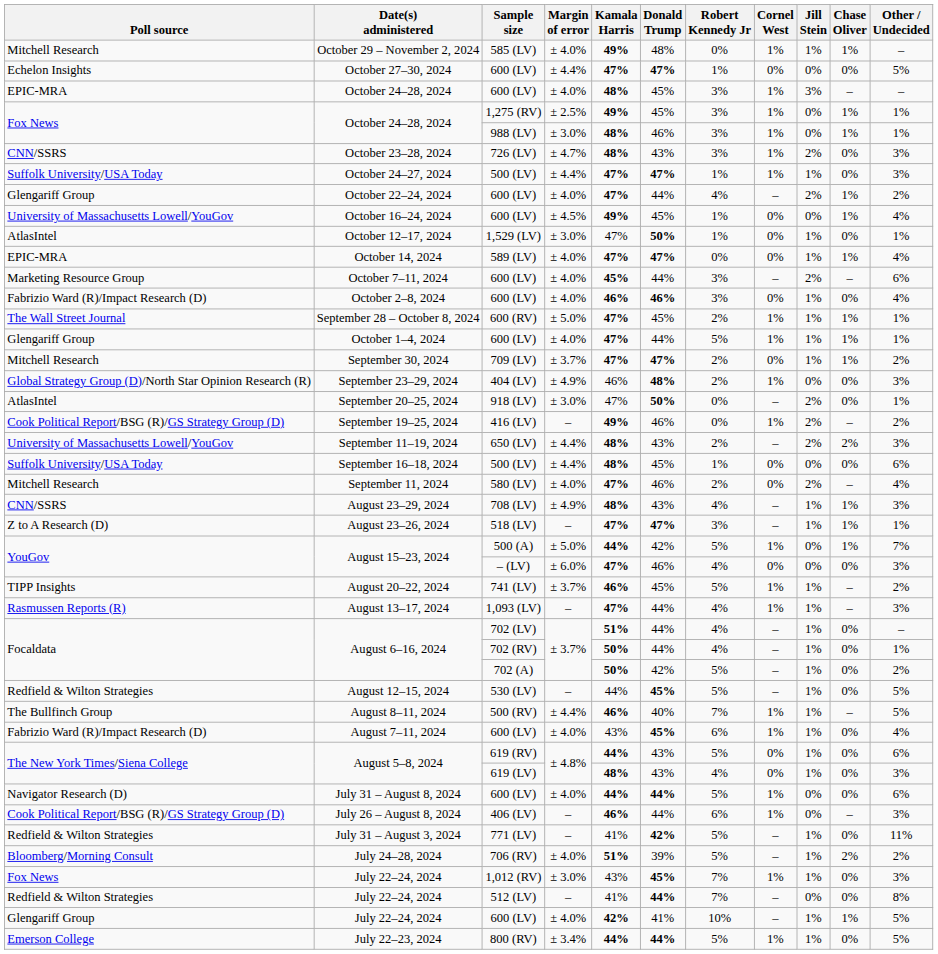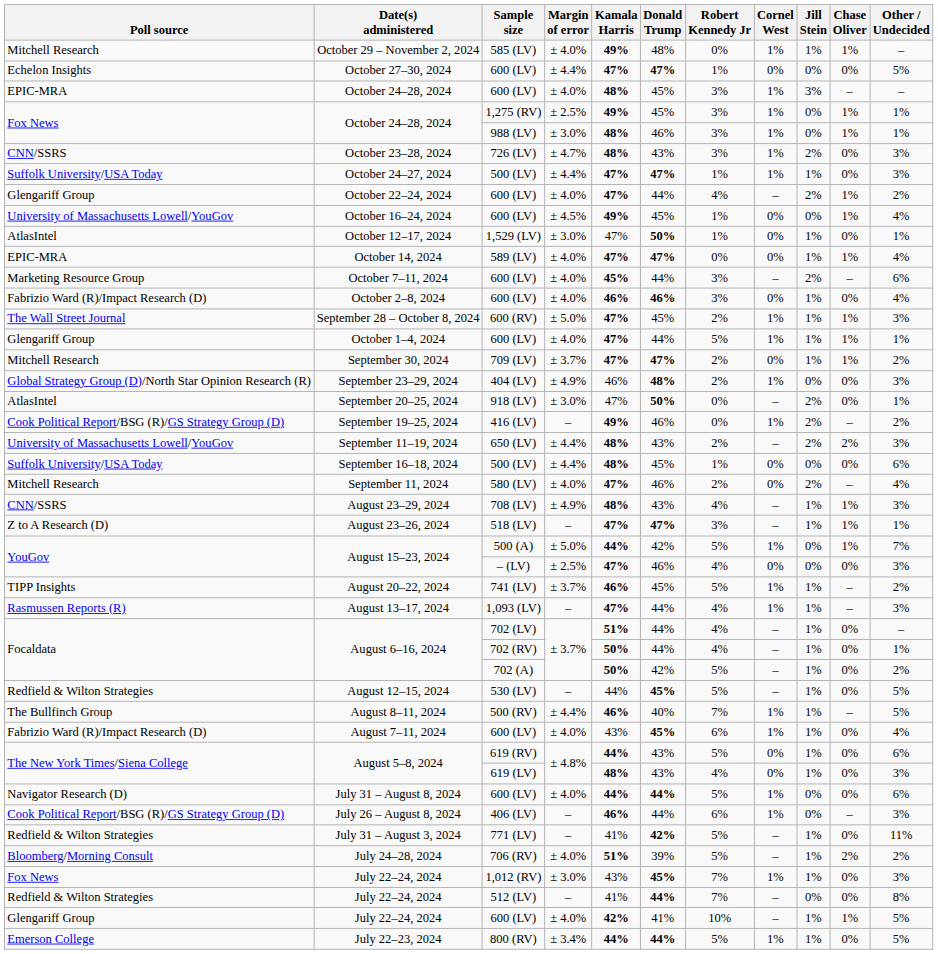 <table class="wikitable sortable mw-datatable" style="font-size:90%;text-align:center;line-height:17px">
 <tr style="vertical-align:bottom">
 <th>Poll source</th>
 <th>Date(s)<br>administered</th>
 <th>Sample<br>size</th>
 <th>Margin<br>of error</th>
 <th class="unsortable">Kamala<br>Harris<br></th>
 <th class="unsortable">Donald<br>Trump<br></th>
 <th class="unsortable">Robert<br>Kennedy Jr<br></th>
 <th class="unsortable">Cornel<br>West<br></th>
 <th class="unsortable">Jill<br>Stein<br></th>
 <th class="unsortable">Chase<br>Oliver<br></th>
 <th class="unsortable">Other /<br>Undecided</th>
 </tr>
 <tr>
 <td style="text-align:left;">Mitchell Research</td>
 <td data-sort-value="2024-11-02">October 29 – November 2, 2024</td>
 <td>585 (LV)</td>
 <td>± 4.0%</td>
 <td style="color:black;background-color:"><strong>49%</strong></td>
 <td>48%</td>
 <td>0%</td>
 <td>1%</td>
 <td>1%</td>
 <td>1%</td>
 <td>–</td>
 </tr>
 <tr>
 <td style="text-align:left;">Echelon Insights</td>
 <td data-sort-value="2024-10-30">October 27–30, 2024</td>
 <td>600 (LV)</td>
 <td>± 4.4%</td>
 <td><strong>47%</strong></td>
 <td><strong>47%</strong></td>
 <td>1%</td>
 <td>0%</td>
 <td>0%</td>
 <td>0%</td>
 <td>5%</td>
 </tr>
 <tr>
 <td style="text-align:left;">EPIC-MRA</td>
 <td data-sort-value="2024-10-28">October 24–28, 2024</td>
 <td>600 (LV)</td>
 <td>± 4.0%</td>
 <td style="color:black;background-color:"><strong>48%</strong></td>
 <td>45%</td>
 <td>3%</td>
 <td>1%</td>
 <td>3%</td>
 <td>–</td>
 <td>–</td>
 </tr>
 <tr>
 <td style="text-align:left;" rowspan="2"><a href='#'>Fox News</a></td>
 <td rowspan="2">October 24–28, 2024</td>
 <td>1,275 (RV)</td>
 <td>± 2.5%</td>
 <td style="color:black;background-color:"><strong>49%</strong></td>
 <td>45%</td>
 <td>3%</td>
 <td>1%</td>
 <td>0%</td>
 <td>1%</td>
 <td>1%</td>
 </tr>
 <tr>
 <td>988 (LV)</td>
 <td>± 3.0%</td>
 <td style="color:black;background-color:"><strong>48%</strong></td>
 <td>46%</td>
 <td>3%</td>
 <td>1%</td>
 <td>0%</td>
 <td>1%</td>
 <td>1%</td>
 </tr>
 <tr>
 <td style="text-align:left;"><a href='#'>CNN</a>/SSRS</td>
 <td data-sort-value="2024-10-28">October 23–28, 2024</td>
 <td>726 (LV)</td>
 <td>± 4.7%</td>
 <td style="color:black;background-color:"><strong>48%</strong></td>
 <td>43%</td>
 <td>3%</td>
 <td>1%</td>
 <td>2%</td>
 <td>0%</td>
 <td>3%</td>
 </tr>
 <tr>
 <td style="text-align:left;"><a href='#'>Suffolk University</a>/<a href='#'>USA Today</a></td>
 <td data-sort-value="2024-10-27">October 24–27, 2024</td>
 <td>500 (LV)</td>
 <td>± 4.4%</td>
 <td><strong>47%</strong></td>
 <td><strong>47%</strong></td>
 <td>1%</td>
 <td>1%</td>
 <td>1%</td>
 <td>0%</td>
 <td>3%</td>
 </tr>
 <tr>
 <td style="text-align:left;">Glengariff Group</td>
 <td data-sort-value="2024-10-24">October 22–24, 2024</td>
 <td>600 (LV)</td>
 <td>± 4.0%</td>
 <td style="color:black;background-color:"><strong>47%</strong></td>
 <td>44%</td>
 <td>4%</td>
 <td>–</td>
 <td>2%</td>
 <td>1%</td>
 <td>2%</td>
 </tr>
 <tr>
 <td style="text-align:left;"><a href='#'>University of Massachusetts Lowell</a>/<a href='#'>YouGov</a></td>
 <td data-sort-value="2024-10-24">October 16–24, 2024</td>
 <td>600 (LV)</td>
 <td>± 4.5%</td>
 <td style="color:black;background-color:"><strong>49%</strong></td>
 <td>45%</td>
 <td>1%</td>
 <td>0%</td>
 <td>0%</td>
 <td>1%</td>
 <td>4%</td>
 </tr>
 <tr>
 <td style="text-align:left;">AtlasIntel</td>
 <td data-sort-value="2024-10-17">October 12–17, 2024</td>
 <td>1,529 (LV)</td>
 <td>± 3.0%</td>
 <td>47%</td>
 <td style="background-color:"><strong>50%</strong></td>
 <td>1%</td>
 <td>0%</td>
 <td>1%</td>
 <td>0%</td>
 <td>1%</td>
 </tr>
 <tr>
 <td style="text-align:left;">EPIC-MRA</td>
 <td data-sort-value="2024-10-47">October 14, 2024</td>
 <td>589 (LV)</td>
 <td>± 4.0%</td>
 <td><strong>47%</strong></td>
 <td><strong>47%</strong></td>
 <td>0%</td>
 <td>0%</td>
 <td>1%</td>
 <td>1%</td>
 <td>4%</td>
 </tr>
 <tr>
 <td style="text-align:left;">Marketing Resource Group</td>
 <td data-sort-value="2024-10-11">October 7–11, 2024</td>
 <td>600 (LV)</td>
 <td>± 4.0%</td>
 <td style="color:black;background-color:"><strong>45%</strong></td>
 <td>44%</td>
 <td>3%</td>
 <td>–</td>
 <td>2%</td>
 <td>–</td>
 <td>6%</td>
 </tr>
 <tr>
 <td style="text-align:left;">Fabrizio Ward (R)/Impact Research (D)</td>
 <td data-sort-value="2024-10-08">October 2–8, 2024</td>
 <td>600 (LV)</td>
 <td>± 4.0%</td>
 <td><strong>46%</strong></td>
 <td><strong>46%</strong></td>
 <td>3%</td>
 <td>0%</td>
 <td>1%</td>
 <td>0%</td>
 <td>4%</td>
 </tr>
 <tr>
 <td style="text-align:left;"><a href='#'>The Wall Street Journal</a></td>
 <td data-sort-value="2024-10-08">September 28 – October 8, 2024</td>
 <td>600 (RV)</td>
 <td>± 5.0%</td>
 <td style="color:black;background-color:"><strong>47%</strong></td>
 <td>45%</td>
 <td>2%</td>
 <td>1%</td>
 <td>1%</td>
 <td>1%</td>
-<td>1%</td>
+<td>3%</td>
 </tr>
 <tr>
 <td style="text-align:left;">Glengariff Group</td>
 <td data-sort-value="2024-10-04">October 1–4, 2024</td>
 <td>600 (LV)</td>
 <td>± 4.0%</td>
 <td style="color:black;background-color:"><strong>47%</strong></td>
 <td>44%</td>
 <td>5%</td>
 <td>1%</td>
 <td>1%</td>
 <td>1%</td>
 <td>1%</td>
 </tr>
 <tr>
 <td style="text-align:left;">Mitchell Research</td>
 <td data-sort-value="2024-09-30">September 30, 2024</td>
 <td>709 (LV)</td>
 <td>± 3.7%</td>
 <td><strong>47%</strong></td>
 <td><strong>47%</strong></td>
 <td>2%</td>
 <td>0%</td>
 <td>1%</td>
 <td>1%</td>
 <td>2%</td>
 </tr>
 <tr>
 <td style="text-align:left;"><a href='#'>Global Strategy Group (D)</a>/North Star Opinion Research (R)</td>
 <td data-sort-value="2024-09-29">September 23–29, 2024</td>
 <td>404 (LV)</td>
 <td>± 4.9%</td>
 <td>46%</td>
 <td style="background-color:"><strong>48%</strong></td>
 <td>2%</td>
 <td>1%</td>
 <td>0%</td>
 <td>0%</td>
 <td>3%</td>
 </tr>
 <tr>
 <td style="text-align:left;">AtlasIntel</td>
 <td data-sort-value="2024-09-25">September 20–25, 2024</td>
 <td>918 (LV)</td>
 <td>± 3.0%</td>
 <td>47%</td>
 <td style="background-color:"><strong>50%</strong></td>
 <td>0%</td>
 <td>–</td>
 <td>2%</td>
 <td>0%</td>
 <td>1%</td>
 </tr>
 <tr>
 <td style="text-align:left;"><a href='#'>Cook Political Report</a>/BSG (R)/<a href='#'>GS Strategy Group (D)</a></td>
 <td data-sort-value="2024-09-25">September 19–25, 2024</td>
 <td>416 (LV)</td>
 <td>–</td>
 <td style="color:black;background-color:"><strong>49%</strong></td>
 <td>46%</td>
 <td>0%</td>
 <td>1%</td>
 <td>2%</td>
 <td>–</td>
 <td>2%</td>
 </tr>
 <tr>
 <td style="text-align:left;"><a href='#'>University of Massachusetts Lowell</a>/<a href='#'>YouGov</a></td>
 <td data-sort-value="2024-09-19">September 11–19, 2024</td>
 <td>650 (LV)</td>
 <td>± 4.4%</td>
 <td style="color:black;background-color:"><strong>48%</strong></td>
 <td>43%</td>
 <td>2%</td>
 <td>–</td>
 <td>2%</td>
 <td>2%</td>
 <td>3%</td>
 </tr>
 <tr>
 <td style="text-align:left;"><a href='#'>Suffolk University</a>/<a href='#'>USA Today</a></td>
 <td data-sort-value=2024-09-16>September 16–18, 2024</td>
 <td>500 (LV)</td>
 <td>± 4.4%</td>
 <td style="color:black;background-color:"><strong>48%</strong></td>
 <td>45%</td>
 <td>1%</td>
 <td>0%</td>
 <td>0%</td>
 <td>0%</td>
 <td>6%</td>
 </tr>
 <tr>
 <td style="text-align:left;">Mitchell Research</td>
 <td data-sort-value="2024-09-11">September 11, 2024</td>
 <td>580 (LV)</td>
 <td>± 4.0%</td>
 <td style="color:black;background-color:"><strong>47%</strong></td>
 <td>46%</td>
 <td>2%</td>
 <td>0%</td>
 <td>2%</td>
 <td>–</td>
 <td>4%</td>
 </tr>
 <tr>
 <td style="text-align:left;"><a href='#'>CNN</a>/SSRS</td>
 <td data-sort-value="2024-08-29">August 23–29, 2024</td>
 <td>708 (LV)</td>
 <td>± 4.9%</td>
 <td style="color:black;background-color:"><strong>48%</strong></td>
 <td>43%</td>
 <td>4%</td>
 <td>–</td>
 <td>1%</td>
 <td>1%</td>
 <td>3%</td>
 </tr>
 <tr>
 <td style="text-align:left;">Z to A Research (D)</td>
 <td data-sort-value="2024-08-19">August 23–26, 2024</td>
 <td>518 (LV)</td>
 <td>–</td>
 <td><strong>47%</strong></td>
 <td><strong>47%</strong></td>
 <td>3%</td>
 <td>–</td>
 <td>1%</td>
 <td>1%</td>
 <td>1%</td>
 </tr>
 <tr>
 <td style="text-align:left;" rowspan="2"><a href='#'>YouGov</a></td>
 <td rowspan="2">August 15–23, 2024</td>
 <td>500 (A)</td>
 <td>± 5.0%</td>
 <td style="color:black;background-color:"><strong>44%</strong></td>
 <td>42%</td>
 <td>5%</td>
 <td>1%</td>
 <td>0%</td>
 <td>1%</td>
 <td>7%</td>
 </tr>
 <tr>
 <td>– (LV)</td>
-<td>± 6.0%</td>
+<td>± 2.5%</td>
 <td style="color:black;background-color:"><strong>47%</strong></td>
 <td>46%</td>
 <td>4%</td>
 <td>0%</td>
 <td>0%</td>
 <td>0%</td>
 <td>3%</td>
 </tr>
 <tr>
 <td style="text-align:left;">TIPP Insights</td>
 <td data-sort-value="2024-08-22">August 20–22, 2024</td>
 <td>741 (LV)</td>
 <td>± 3.7%</td>
 <td style="color:black;background-color:"><strong>46%</strong></td>
 <td>45%</td>
 <td>5%</td>
 <td>1%</td>
 <td>1%</td>
 <td>–</td>
 <td>2%</td>
 </tr>
 <tr>
 <td style="text-align:left;"><a href='#'>Rasmussen Reports (R)</a></td>
 <td data-sort-value="2024-08-17">August 13–17, 2024</td>
 <td>1,093 (LV)</td>
 <td>–</td>
 <td style="color:black;background-color:"><strong>47%</strong></td>
 <td>44%</td>
 <td>4%</td>
 <td>1%</td>
 <td>1%</td>
 <td>–</td>
 <td>3%</td>
 </tr>
 <tr>
 <td style="text-align:left;" rowspan="3">Focaldata</td>
 <td rowspan="3">August 6–16, 2024</td>
 <td>702 (LV)</td>
 <td rowspan="3">± 3.7%</td>
 <td style="color:black;background-color:"><strong>51%</strong></td>
 <td>44%</td>
 <td>4%</td>
 <td>–</td>
 <td>1%</td>
 <td>0%</td>
 <td>–</td>
 </tr>
 <tr>
 <td>702 (RV)</td>
 <td style="color:black;background-color:"><strong>50%</strong></td>
 <td>44%</td>
 <td>4%</td>
 <td>–</td>
 <td>1%</td>
 <td>0%</td>
 <td>1%</td>
 </tr>
 <tr>
 <td>702 (A)</td>
 <td style="color:black;background-color:"><strong>50%</strong></td>
 <td>42%</td>
 <td>5%</td>
 <td>–</td>
 <td>1%</td>
 <td>0%</td>
 <td>2%</td>
 </tr>
 <tr>
 <td style="text-align:left;">Redfield & Wilton Strategies</td>
 <td data-sort-value="2024-08-15">August 12–15, 2024</td>
 <td>530 (LV)</td>
 <td>–</td>
 <td>44%</td>
 <td style="background-color:"><strong>45%</strong></td>
 <td>5%</td>
 <td>–</td>
 <td>1%</td>
 <td>0%</td>
 <td>5%</td>
 </tr>
 <tr>
 <td style="text-align:left;">The Bullfinch Group</td>
 <td data-sort-value="2024-08-11">August 8–11, 2024</td>
 <td>500 (RV)</td>
 <td>± 4.4%</td>
 <td style="color:black;background-color:"><strong>46%</strong></td>
 <td>40%</td>
 <td>7%</td>
 <td>1%</td>
 <td>1%</td>
 <td>–</td>
 <td>5%</td>
 </tr>
 <tr>
 <td style="text-align:left;">Fabrizio Ward (R)/Impact Research (D)</td>
 <td data-sort-value="2024-08-11">August 7–11, 2024</td>
 <td>600 (LV)</td>
 <td>± 4.0%</td>
 <td>43%</td>
 <td style="background-color:"><strong>45%</strong></td>
 <td>6%</td>
 <td>1%</td>
 <td>1%</td>
 <td>0%</td>
 <td>4%</td>
 </tr>
 <tr>
 <td style="text-align:left;" rowspan="2"><a href='#'>The New York Times</a>/<a href='#'>Siena College</a></td>
 <td rowspan="2">August 5–8, 2024</td>
 <td>619 (RV)</td>
 <td rowspan="2">± 4.8%</td>
 <td style="color:black;background-color:"><strong>44%</strong></td>
 <td>43%</td>
 <td>5%</td>
 <td>0%</td>
 <td>1%</td>
 <td>0%</td>
 <td>6%</td>
 </tr>
 <tr>
 <td>619 (LV)</td>
 <td style="color:black;background-color:"><strong>48%</strong></td>
 <td>43%</td>
 <td>4%</td>
 <td>0%</td>
 <td>1%</td>
 <td>0%</td>
 <td>3%</td>
 </tr>
 <tr>
 <td style="text-align:left;">Navigator Research (D)</td>
 <td data-sort-value="2024-08-08">July 31 – August 8, 2024</td>
 <td>600 (LV)</td>
 <td>± 4.0%</td>
 <td><strong>44%</strong></td>
 <td><strong>44%</strong></td>
 <td>5%</td>
 <td>1%</td>
 <td>0%</td>
 <td>0%</td>
 <td>6%</td>
 </tr>
 <tr>
 <td style="text-align:left;"><a href='#'>Cook Political Report</a>/BSG (R)/<a href='#'>GS Strategy Group (D)</a></td>
 <td data-sort-value="2024-08-08">July 26 – August 8, 2024</td>
 <td>406 (LV)</td>
 <td>–</td>
 <td style="color:black;background-color:"><strong>46%</strong></td>
 <td>44%</td>
 <td>6%</td>
 <td>1%</td>
 <td>0%</td>
 <td>–</td>
 <td>3%</td>
 </tr>
 <tr>
 <td style="text-align:left;">Redfield & Wilton Strategies</td>
 <td data-sort-value="2024-08-03">July 31 – August 3, 2024</td>
 <td>771 (LV)</td>
 <td>–</td>
 <td>41%</td>
 <td style="background-color:"><strong>42%</strong></td>
 <td>5%</td>
 <td>–</td>
 <td>1%</td>
 <td>0%</td>
 <td>11%</td>
 </tr>
 <tr>
 <td style="text-align:left;"><a href='#'>Bloomberg</a>/<a href='#'>Morning Consult</a></td>
 <td data-sort-value="2024-07-28">July 24–28, 2024</td>
 <td>706 (RV)</td>
 <td>± 4.0%</td>
 <td style="color:black;background-color:"><strong>51%</strong></td>
 <td>39%</td>
 <td>5%</td>
 <td>–</td>
 <td>1%</td>
 <td>2%</td>
 <td>2%</td>
 </tr>
 <tr>
 <td style="text-align:left;"><a href='#'>Fox News</a></td>
 <td data-sort-value="2024-07-26">July 22–24, 2024</td>
 <td>1,012 (RV)</td>
 <td>± 3.0%</td>
 <td>43%</td>
 <td style="background-color:"><strong>45%</strong></td>
 <td>7%</td>
 <td>1%</td>
 <td>1%</td>
 <td>0%</td>
 <td>3%</td>
 </tr>
 <tr>
 <td style="text-align:left;">Redfield & Wilton Strategies</td>
 <td data-sort-value="2024-07-26">July 22–24, 2024</td>
 <td>512 (LV)</td>
 <td>–</td>
 <td>41%</td>
 <td style="background-color:"><strong>44%</strong></td>
 <td>7%</td>
 <td>–</td>
 <td>0%</td>
 <td>0%</td>
 <td>8%</td>
 </tr>
 <tr>
 <td style="text-align:left;">Glengariff Group</td>
 <td data-sort-value="2024-07-25">July 22–24, 2024</td>
 <td>600 (LV)</td>
 <td>± 4.0%</td>
 <td style="color:black;background-color:"><strong>42%</strong></td>
 <td>41%</td>
 <td>10%</td>
 <td>–</td>
 <td>1%</td>
 <td>1%</td>
 <td>5%</td>
 </tr>
 <tr>
 <td style="text-align:left;"><a href='#'>Emerson College</a></td>
 <td data-sort-value="2024-07-25">July 22–23, 2024</td>
 <td>800 (RV)</td>
 <td>± 3.4%</td>
 <td><strong>44%</strong></td>
 <td><strong>44%</strong></td>
 <td>5%</td>
 <td>1%</td>
 <td>1%</td>
 <td>0%</td>
 <td>5%</td>
 </tr>
 </table>
